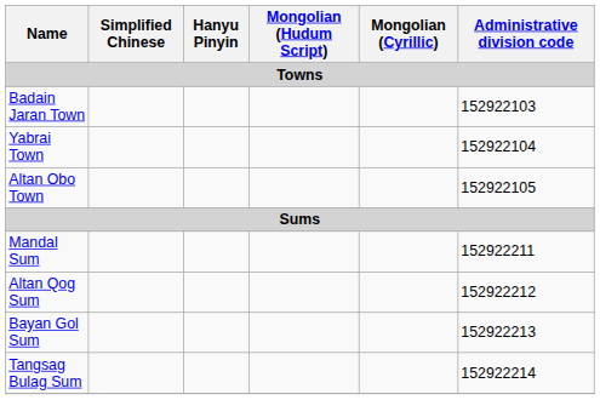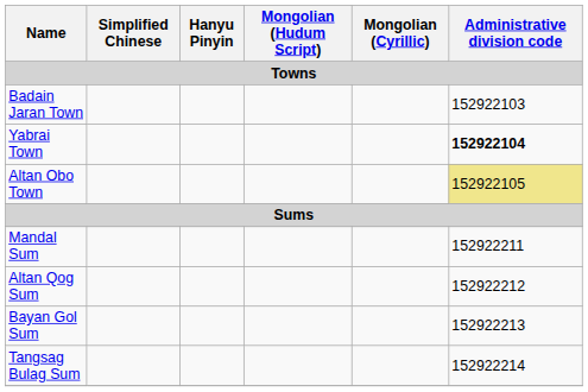 <table class="wikitable" align="center" style="width:50%; border="1">
 <tr>
 <th>Name</th>
 <th>Simplified Chinese</th>
 <th>Hanyu Pinyin</th>
 <th><a href='#'>Mongolian</a> (<a href='#'>Hudum Script</a>)</th>
 <th>Mongolian (<a href='#'>Cyrillic</a>)</th>
 <th><a href='#'>Administrative division code</a></th>
 </tr>
 <tr>
 <td colspan="6"  style="text-align:center; background:#d3d3d3;"><strong>Towns</strong></td>
 </tr>
 <tr --------->
 <td><a href='#'>Badain Jaran Town</a></td>
 <td></td>
 <td></td>
 <td></td>
 <td></td>
 <td>152922103</td>
 </tr>
 <tr>
 <td><a href='#'>Yabrai Town</a></td>
 <td></td>
 <td></td>
 <td></td>
 <td></td>
-<td>152922104</td>
+<td><strong>152922104</strong></td>
 </tr>
 <tr>
 <td><a href='#'>Altan Obo Town</a></td>
 <td></td>
 <td></td>
 <td></td>
 <td></td>
-<td>152922105</td>
+<td style="background: khaki;">152922105</td>
 </tr>
 <tr>
 <td colspan="6"  style="text-align:center; background:#d3d3d3;"><strong>Sums</strong></td>
 </tr>
 <tr --------->
 <td><a href='#'>Mandal Sum</a></td>
 <td></td>
 <td></td>
 <td></td>
 <td></td>
 <td>152922211</td>
 </tr>
 <tr>
 <td><a href='#'>Altan Qog Sum</a></td>
 <td></td>
 <td></td>
 <td></td>
 <td></td>
 <td>152922212</td>
 </tr>
 <tr>
 <td><a href='#'>Bayan Gol Sum</a></td>
 <td></td>
 <td></td>
 <td></td>
 <td></td>
 <td>152922213</td>
 </tr>
 <tr>
 <td><a href='#'>Tangsag Bulag Sum</a></td>
 <td></td>
 <td></td>
 <td></td>
 <td></td>
 <td>152922214</td>
 </tr>
 <tr>
 </tr>
 </table>
